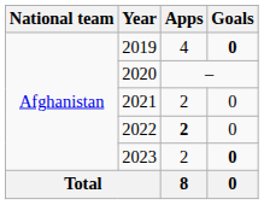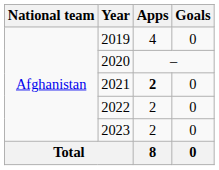 <table class=wikitable style=text-align:center>
 <tr>
 <th>National team</th>
 <th>Year</th>
 <th>Apps</th>
 <th>Goals</th>
 </tr>
 <tr>
 <td rowspan="5"><a href='#'>Afghanistan</a></td>
 <td>2019</td>
 <td>4</td>
-<td><strong>0</strong></td>
+<td>0</td>
 </tr>
 <tr>
 <td>2020</td>
 <td colspan="2">–</td>
 </tr>
 <tr>
 <td>2021</td>
-<td>2</td>
+<td><strong>2</strong></td>
 <td>0</td>
 </tr>
 <tr>
 <td>2022</td>
-<td><strong>2</strong></td>
+<td>2</td>
 <td>0</td>
 </tr>
 <tr>
 <td>2023</td>
 <td>2</td>
-<td><strong>0</strong></td>
+<td>0</td>
 </tr>
 <tr>
 <th colspan="2">Total</th>
 <th>8</th>
 <th>0</th>
 </tr>
 </table>
